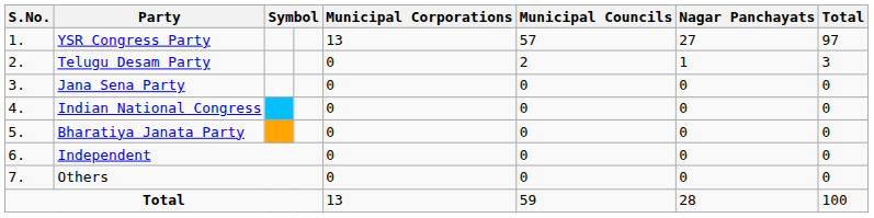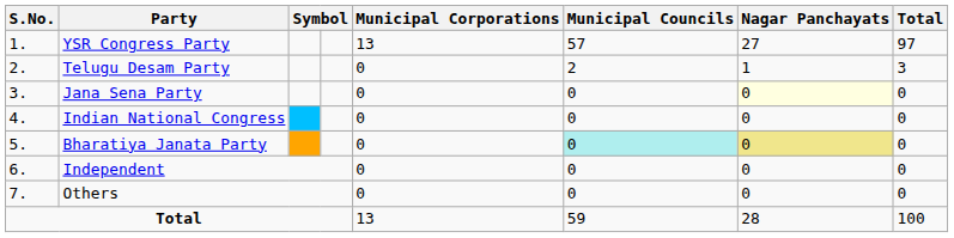 <table class="wikitable sortable">
 <tr>
 <th><strong>S.No.</strong></th>
 <th><strong>Party</strong></th>
 <th colspan="2"><strong>Symbol</strong></th>
 <th>Municipal Corporations</th>
 <th>Municipal Councils</th>
 <th>Nagar Panchayats</th>
 <th>Total</th>
 </tr>
 <tr>
 <td>1.</td>
 <td><a href='#'>YSR Congress Party</a></td>
 <td></td>
 <td></td>
 <td>13</td>
 <td>57</td>
 <td>27</td>
 <td>97</td>
 </tr>
 <tr>
 <td>2.</td>
 <td><a href='#'>Telugu Desam Party</a></td>
 <td></td>
 <td></td>
 <td>0</td>
 <td>2</td>
 <td>1</td>
 <td>3</td>
 </tr>
 <tr>
 <td>3.</td>
 <td><a href='#'>Jana Sena Party</a></td>
 <td></td>
 <td></td>
 <td>0</td>
 <td>0</td>
-<td>0</td>
+<td style="background: lightyellow;">0</td>
 <td>0</td>
 </tr>
 <tr>
 <td>4.</td>
 <td><a href='#'>Indian National Congress</a></td>
 <td bgcolor=#00BFFF></td>
 <td></td>
 <td>0</td>
 <td>0</td>
 <td>0</td>
 <td>0</td>
 </tr>
 <tr>
 <td>5.</td>
 <td><a href='#'>Bharatiya Janata Party</a></td>
 <td bgcolor="orange"></td>
 <td></td>
 <td>0</td>
-<td>0</td>
-<td>0</td>
+<td style="background: paleturquoise;">0</td>
+<td style="background: khaki;">0</td>
 <td>0</td>
 </tr>
 <tr>
 <td>6.</td>
 <td colspan="3" align="left"><a href='#'>Independent</a></td>
 <td>0</td>
 <td>0</td>
 <td>0</td>
 <td>0</td>
 </tr>
 <tr>
 <td>7.</td>
 <td colspan="3" align="left">Others</td>
 <td>0</td>
 <td>0</td>
 <td>0</td>
 <td>0</td>
 </tr>
 <tr>
 <td colspan="4" align="center"><strong>Total</strong></td>
 <td>13</td>
 <td>59</td>
 <td>28</td>
 <td>100</td>
 </tr>
 </table>
